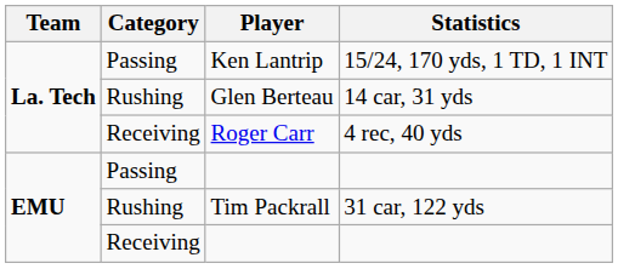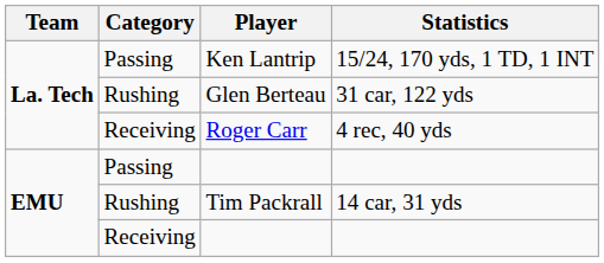 <table class="wikitable">
 <tr>
 <th>Team</th>
 <th>Category</th>
 <th>Player</th>
 <th>Statistics</th>
 </tr>
 <tr>
 <td rowspan=3><strong>La. Tech</strong></td>
 <td>Passing</td>
 <td>Ken Lantrip</td>
 <td>15/24, 170 yds, 1 TD, 1 INT</td>
 </tr>
 <tr>
 <td>Rushing</td>
 <td>Glen Berteau</td>
-<td>14 car, 31 yds</td>
+<td>31 car, 122 yds</td>
 </tr>
 <tr>
 <td>Receiving</td>
 <td><a href='#'>Roger Carr</a></td>
 <td>4 rec, 40 yds</td>
 </tr>
 <tr>
 <td rowspan=3><strong>EMU</strong></td>
 <td>Passing</td>
 <td></td>
 <td></td>
 </tr>
 <tr>
 <td>Rushing</td>
 <td>Tim Packrall</td>
-<td>31 car, 122 yds</td>
+<td>14 car, 31 yds</td>
 </tr>
 <tr>
 <td>Receiving</td>
 <td></td>
 <td></td>
 </tr>
 </table>
